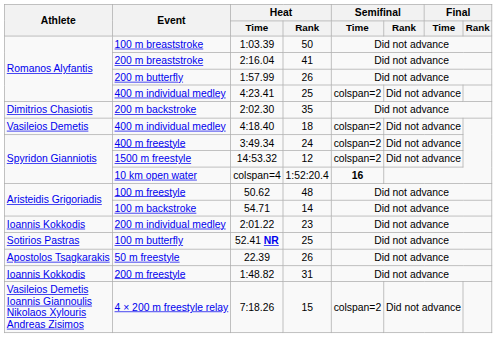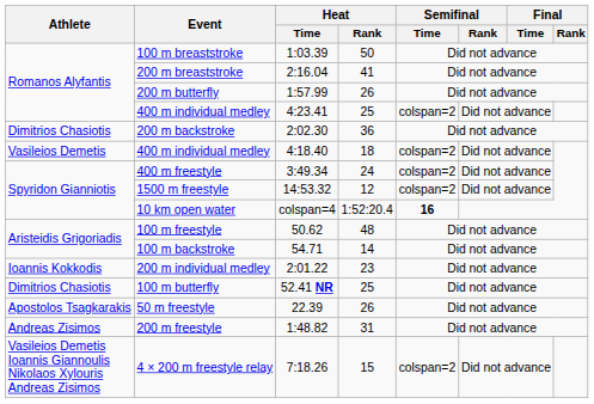 <table class=wikitable style="font-size:90%">
 <tr>
 <th rowspan="2">Athlete</th>
 <th rowspan="2">Event</th>
 <th colspan="2">Heat</th>
 <th colspan="2">Semifinal</th>
 <th colspan="2">Final</th>
 </tr>
 <tr style="font-size:95%">
 <th>Time</th>
 <th>Rank</th>
 <th>Time</th>
 <th>Rank</th>
 <th>Time</th>
 <th>Rank</th>
 </tr>
 <tr align=center>
 <td align=left rowspan=4><a href='#'>Romanos Alyfantis</a></td>
 <td align=left><a href='#'>100 m breaststroke</a></td>
 <td>1:03.39</td>
 <td>50</td>
 <td colspan=4>Did not advance</td>
 </tr>
 <tr align=center>
 <td align=left><a href='#'>200 m breaststroke</a></td>
 <td>2:16.04</td>
 <td>41</td>
 <td colspan=4>Did not advance</td>
 </tr>
 <tr align=center>
 <td align=left><a href='#'>200 m butterfly</a></td>
 <td>1:57.99</td>
 <td>26</td>
 <td colspan=4>Did not advance</td>
 </tr>
 <tr align=center>
 <td align=left><a href='#'>400 m individual medley</a></td>
 <td>4:23.41</td>
 <td>25</td>
 <td>colspan=2 </td>
 <td colspan=2>Did not advance</td>
 </tr>
 <tr align=center>
 <td align=left><a href='#'>Dimitrios Chasiotis</a></td>
 <td align=left><a href='#'>200 m backstroke</a></td>
 <td>2:02.30</td>
-<td>35</td>
+<td>36</td>
 <td colspan=4>Did not advance</td>
 </tr>
 <tr align=center>
 <td align=left><a href='#'>Vasileios Demetis</a></td>
 <td align=left><a href='#'>400 m individual medley</a></td>
 <td>4:18.40</td>
 <td>18</td>
 <td>colspan=2 </td>
 <td colspan=2>Did not advance</td>
 </tr>
 <tr align=center>
 <td align=left rowspan=3><a href='#'>Spyridon Gianniotis</a></td>
 <td align=left><a href='#'>400 m freestyle</a></td>
 <td>3:49.34</td>
 <td>24</td>
 <td>colspan=2 </td>
 <td colspan=2>Did not advance</td>
 </tr>
 <tr align=center>
 <td align=left><a href='#'>1500 m freestyle</a></td>
 <td>14:53.32</td>
 <td>12</td>
 <td>colspan=2 </td>
 <td colspan=2>Did not advance</td>
 </tr>
 <tr align=center>
 <td align=left><a href='#'>10 km open water</a></td>
 <td>colspan=4 </td>
 <td>1:52:20.4</td>
 <td><strong>16</strong></td>
 </tr>
 <tr align=center>
 <td align=left rowspan=2><a href='#'>Aristeidis Grigoriadis</a></td>
 <td align=left><a href='#'>100 m freestyle</a></td>
 <td>50.62</td>
 <td>48</td>
 <td colspan=4>Did not advance</td>
 </tr>
 <tr align=center>
 <td align=left><a href='#'>100 m backstroke</a></td>
 <td>54.71</td>
 <td>14</td>
 <td colspan=4>Did not advance</td>
 </tr>
 <tr align=center>
 <td align=left><a href='#'>Ioannis Kokkodis</a></td>
 <td align=left><a href='#'>200 m individual medley</a></td>
 <td>2:01.22</td>
 <td>23</td>
 <td colspan=4>Did not advance</td>
 </tr>
 <tr align=center>
-<td align=left><a href='#'>Sotirios Pastras</a></td>
+<td align=left><a href='#'>Dimitrios Chasiotis</a></td>
 <td align=left><a href='#'>100 m butterfly</a></td>
 <td>52.41 <strong><a href='#'>NR</a></strong></td>
 <td>25</td>
 <td colspan=4>Did not advance</td>
 </tr>
 <tr align=center>
 <td align=left><a href='#'>Apostolos Tsagkarakis</a></td>
 <td align=left><a href='#'>50 m freestyle</a></td>
 <td>22.39</td>
 <td>26</td>
 <td colspan=4>Did not advance</td>
 </tr>
 <tr align=center>
-<td align=left><a href='#'>Ioannis Kokkodis</a></td>
+<td align=left><a href='#'>Andreas Zisimos</a></td>
 <td align=left><a href='#'>200 m freestyle</a></td>
 <td>1:48.82</td>
 <td>31</td>
 <td colspan=4>Did not advance</td>
 </tr>
 <tr align=center>
 <td align=left><a href='#'>Vasileios Demetis</a><br><a href='#'>Ioannis Giannoulis</a><br><a href='#'>Nikolaos Xylouris</a><br><a href='#'>Andreas Zisimos</a></td>
 <td align=left><a href='#'>4 × 200 m freestyle relay</a></td>
 <td>7:18.26</td>
 <td>15</td>
 <td>colspan=2 </td>
 <td colspan=2>Did not advance</td>
 </tr>
 </table>
